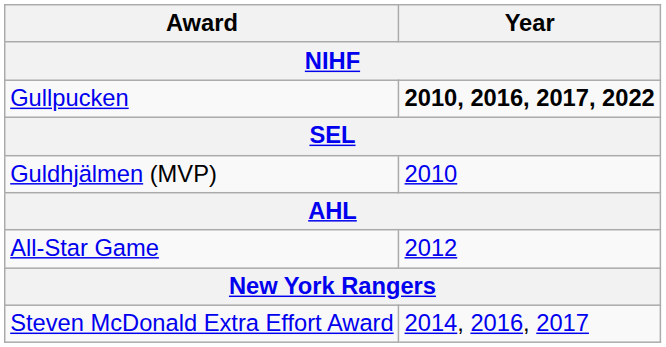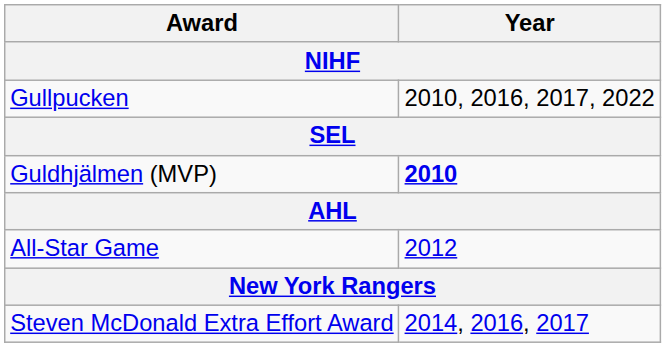 <table class="wikitable">
 <tr>
 <th>Award</th>
 <th>Year</th>
 </tr>
 <tr>
 <th colspan="3"><a href='#'>NIHF</a></th>
 </tr>
 <tr>
 <td><a href='#'>Gullpucken</a></td>
-<td><strong>2010, 2016, 2017, 2022</strong></td>
+<td>2010, 2016, 2017, 2022</td>
 </tr>
 <tr>
 <th colspan="3"><a href='#'>SEL</a></th>
 </tr>
 <tr>
 <td><a href='#'>Guldhjälmen</a> (MVP)</td>
-<td><a href='#'>2010</a></td>
+<td><strong><a href='#'>2010</a></strong></td>
 </tr>
 <tr>
 <th colspan="3"><a href='#'>AHL</a></th>
 </tr>
 <tr>
 <td><a href='#'>All-Star Game</a></td>
 <td><a href='#'>2012</a></td>
 </tr>
 <tr>
 <th colspan="3"><a href='#'>New York Rangers</a></th>
 </tr>
 <tr>
 <td><a href='#'>Steven McDonald Extra Effort Award</a></td>
 <td><a href='#'>2014</a>, <a href='#'>2016</a>, <a href='#'>2017</a></td>
 </tr>
 </table>
